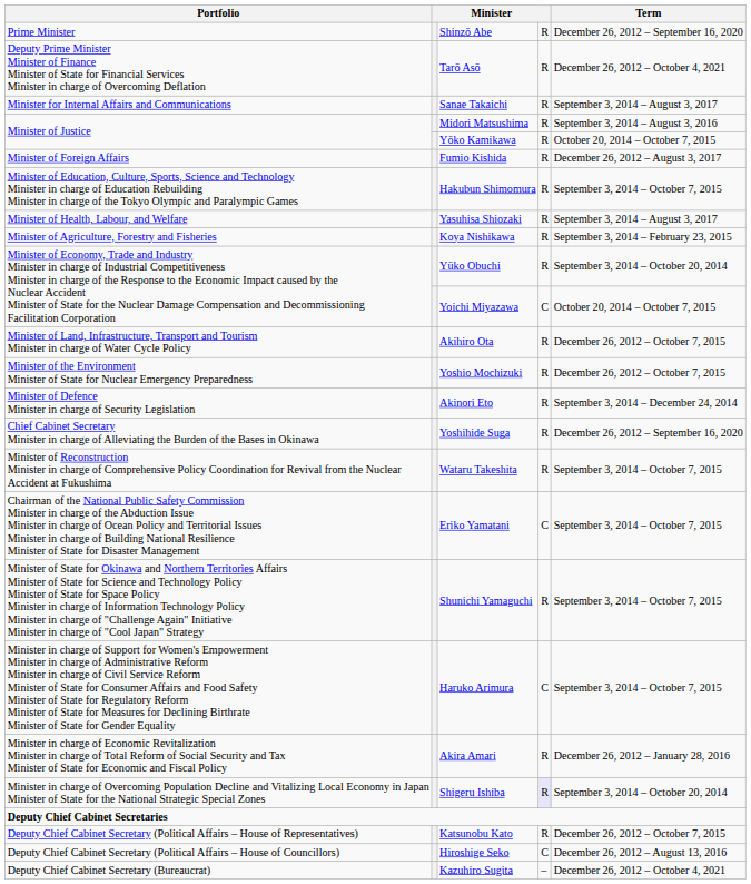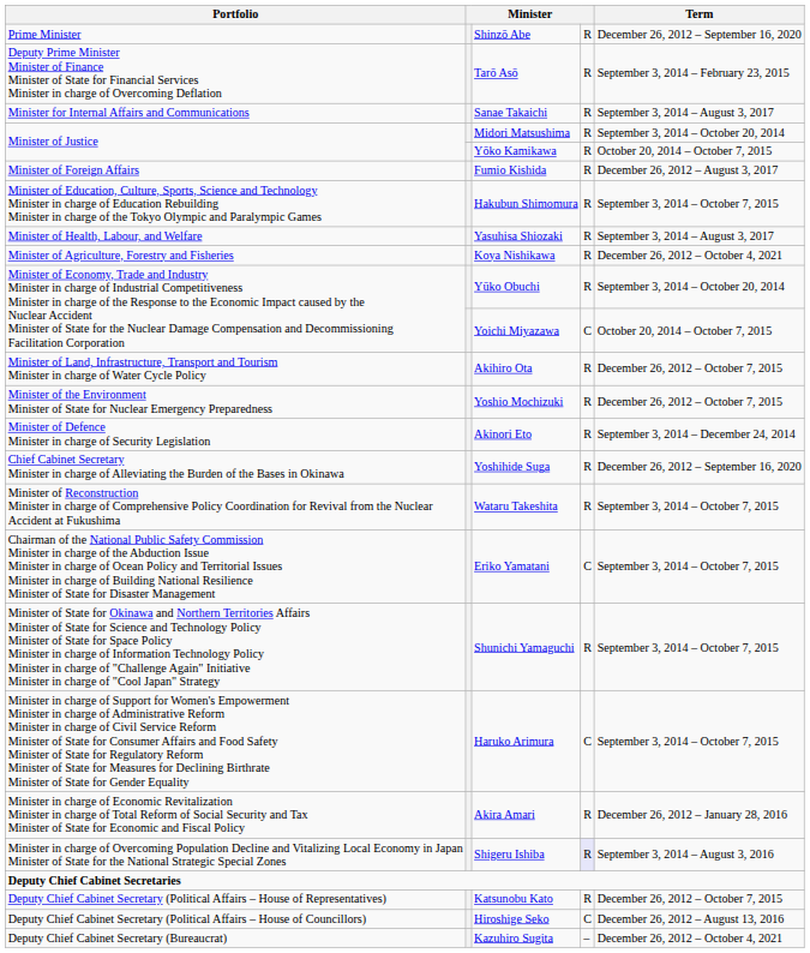 <table class="wikitable">
 <tr>
 <th>Portfolio</th>
 <th colspan=3>Minister</th>
 <th colspan=2>Term</th>
 </tr>
 <tr>
 <td><a href='#'>Prime Minister</a></td>
 <th style="color:inherit;background-color: "></th>
 <td><a href='#'>Shinzō Abe</a></td>
 <td>R</td>
 <td>December 26, 2012 – September 16, 2020</td>
 </tr>
 <tr>
 <td><a href='#'>Deputy Prime Minister</a> <br><a href='#'>Minister of Finance</a> <br>Minister of State for Financial Services <br>Minister in charge of Overcoming Deflation</td>
 <th style="color:inherit;background-color: "></th>
 <td><a href='#'>Tarō Asō</a></td>
 <td>R</td>
-<td>December 26, 2012 – October 4, 2021</td>
+<td>September 3, 2014 – February 23, 2015</td>
 </tr>
 <tr>
 <td><a href='#'>Minister for Internal Affairs and Communications</a></td>
 <th style="color:inherit;background-color: "></th>
 <td><a href='#'>Sanae Takaichi</a></td>
 <td>R</td>
 <td>September 3, 2014 – August 3, 2017</td>
 </tr>
 <tr>
 <td rowspan=2><a href='#'>Minister of Justice</a></td>
 <th style="color:inherit;background-color: "></th>
 <td><a href='#'>Midori Matsushima</a></td>
 <td>R</td>
-<td>September 3, 2014 – August 3, 2016</td>
+<td>September 3, 2014 – October 20, 2014</td>
 </tr>
 <tr>
 <th style="color:inherit;background-color: "></th>
 <td><a href='#'>Yōko Kamikawa</a></td>
 <td>R</td>
 <td>October 20, 2014 – October 7, 2015</td>
 </tr>
 <tr>
 <td><a href='#'>Minister of Foreign Affairs</a></td>
 <th style="color:inherit;background-color: "></th>
 <td><a href='#'>Fumio Kishida</a></td>
 <td>R</td>
 <td>December 26, 2012 – August 3, 2017</td>
 </tr>
 <tr>
 <td><a href='#'>Minister of Education, Culture, Sports, Science and Technology</a> <br> Minister in charge of Education Rebuilding  <br> Minister in charge of the Tokyo Olympic and Paralympic Games</td>
 <th style="color:inherit;background-color: "></th>
 <td><a href='#'>Hakubun Shimomura</a></td>
 <td>R</td>
 <td>September 3, 2014 – October 7, 2015</td>
 </tr>
 <tr>
 <td><a href='#'>Minister of Health, Labour, and Welfare</a></td>
 <th style="color:inherit;background-color: "></th>
 <td><a href='#'>Yasuhisa Shiozaki</a></td>
 <td>R</td>
 <td>September 3, 2014 – August 3, 2017</td>
 </tr>
 <tr>
 <td><a href='#'>Minister of Agriculture, Forestry and Fisheries</a></td>
 <th style="color:inherit;background-color: "></th>
 <td><a href='#'>Koya Nishikawa</a></td>
 <td>R</td>
-<td>September 3, 2014 – February 23, 2015</td>
+<td>December 26, 2012 – October 4, 2021</td>
 </tr>
 <tr>
 <td rowspan=2><a href='#'>Minister of Economy, Trade and Industry</a> <br> Minister in charge of Industrial Competitiveness <br> Minister in charge of the Response to the Economic Impact caused by the <br>Nuclear Accident <br> Minister of State for the Nuclear Damage Compensation and Decommissioning <br>Facilitation Corporation</td>
 <th style="color:inherit;background-color: "></th>
 <td><a href='#'>Yūko Obuchi</a></td>
 <td>R</td>
 <td>September 3, 2014 – October 20, 2014</td>
 </tr>
 <tr>
 <th style="color:inherit;background-color: "></th>
 <td><a href='#'>Yoichi Miyazawa</a></td>
 <td>C</td>
 <td>October 20, 2014 – October 7, 2015</td>
 </tr>
 <tr>
 <td><a href='#'>Minister of Land, Infrastructure, Transport and Tourism</a> <br> Minister in charge of Water Cycle Policy</td>
 <th style="color:inherit;background-color: "></th>
 <td><a href='#'>Akihiro Ota</a></td>
 <td>R</td>
 <td>December 26, 2012 – October 7, 2015</td>
 </tr>
 <tr>
 <td><a href='#'>Minister of the Environment</a> <br> Minister of State for Nuclear Emergency Preparedness</td>
 <th style="color:inherit;background-color: "></th>
 <td><a href='#'>Yoshio Mochizuki</a></td>
 <td>R</td>
 <td>December 26, 2012 – October 7, 2015</td>
 </tr>
 <tr>
 <td><a href='#'>Minister of Defence</a> <br> Minister in charge of Security Legislation</td>
 <th style="color:inherit;background-color: "></th>
 <td><a href='#'>Akinori Eto</a></td>
 <td>R</td>
 <td>September 3, 2014 – December 24, 2014</td>
 </tr>
 <tr>
 <td><a href='#'>Chief Cabinet Secretary</a> <br>  Minister in charge of Alleviating the Burden of the Bases in Okinawa</td>
 <th style="color:inherit;background-color: "></th>
 <td><a href='#'>Yoshihide Suga</a></td>
 <td>R</td>
 <td>December 26, 2012 – September 16, 2020</td>
 </tr>
 <tr>
 <td>Minister of <a href='#'>Reconstruction</a> <br> Minister in charge of Comprehensive Policy Coordination for Revival from the Nuclear <br>Accident at Fukushima</td>
 <th style="color:inherit;background-color: "></th>
 <td><a href='#'>Wataru Takeshita</a></td>
 <td>R</td>
 <td>September 3, 2014 – October 7, 2015</td>
 </tr>
 <tr>
 <td>Chairman of the <a href='#'>National Public Safety Commission</a> <br> Minister in charge of the Abduction Issue <br> Minister in charge of Ocean Policy and Territorial Issues <br> Minister in charge of Building National Resilience <br> Minister of State for Disaster Management</td>
 <th style="color:inherit;background-color: "></th>
 <td><a href='#'>Eriko Yamatani</a></td>
 <td>C</td>
 <td>September 3, 2014 – October 7, 2015</td>
 </tr>
 <tr>
 <td>Minister of State for <a href='#'>Okinawa</a> and <a href='#'>Northern Territories</a> Affairs <br> Minister of State for Science and Technology Policy  <br> Minister of State for Space Policy  <br> Minister in charge of Information Technology Policy <br> Minister in charge of "Challenge Again" Initiative<br> Minister in charge of "Cool Japan" Strategy</td>
 <th style="color:inherit;background-color: "></th>
 <td><a href='#'>Shunichi Yamaguchi</a></td>
 <td>R</td>
 <td>September 3, 2014 – October 7, 2015</td>
 </tr>
 <tr>
 <td>Minister in charge of Support for Women's Empowerment <br> Minister in charge of Administrative Reform <br> Minister in charge of Civil Service Reform <br> Minister of State for Consumer Affairs and Food Safety <br> Minister of State for Regulatory Reform <br> Minister of State for Measures for Declining Birthrate <br> Minister of State for Gender Equality</td>
 <th style="color:inherit;background-color: "></th>
 <td><a href='#'>Haruko Arimura</a></td>
 <td>C</td>
 <td>September 3, 2014 – October 7, 2015</td>
 </tr>
 <tr>
 <td>Minister in charge of Economic Revitalization <br> Minister in charge of Total Reform of Social Security and Tax <br> Minister of State for Economic and Fiscal Policy</td>
 <th style="color:inherit;background-color: "></th>
 <td><a href='#'>Akira Amari</a></td>
 <td>R</td>
 <td>December 26, 2012 – January 28, 2016</td>
 </tr>
 <tr>
 <td>Minister in charge of Overcoming Population Decline and Vitalizing Local Economy in Japan <br>  Minister of State for the National Strategic Special Zones</td>
 <th style="color:inherit;background-color: "></th>
 <td><a href='#'>Shigeru Ishiba</a></td>
 <td style="background: lavender;">R</td>
-<td>September 3, 2014 – October 20, 2014</td>
+<td>September 3, 2014 – August 3, 2016</td>
 </tr>
 <tr>
 <td colspan=5><strong>Deputy Chief Cabinet Secretaries</strong></td>
 </tr>
 <tr>
 <td><a href='#'>Deputy Chief Cabinet Secretary</a> (Political Affairs – House of Representatives)</td>
 <th style="color:inherit;background-color: "></th>
 <td><a href='#'>Katsunobu Kato</a></td>
 <td>R</td>
 <td>December 26, 2012 – October 7, 2015</td>
 </tr>
 <tr>
 <td>Deputy Chief Cabinet Secretary (Political Affairs – House of Councillors)</td>
 <th style="color:inherit;background-color: "></th>
 <td><a href='#'>Hiroshige Seko</a></td>
 <td>C</td>
 <td>December 26, 2012 – August 13, 2016</td>
 </tr>
 <tr>
 <td>Deputy Chief Cabinet Secretary (Bureaucrat)</td>
 <th style="color:inherit;background-color: "></th>
 <td><a href='#'>Kazuhiro Sugita</a></td>
 <td>–</td>
 <td>December 26, 2012 – October 4, 2021</td>
 </tr>
 </table>
